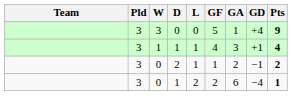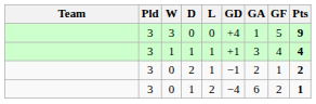 <table class="wikitable" style="text-align: center;">
 <tr>
 <th width=175>Team</th>
 <th width=20 abbr="Played">Pld</th>
 <th width=20 abbr="Won">W</th>
 <th width=20 abbr="Drawn">D</th>
 <th width=20 abbr="Lost">L</th>
+<th width=20 abbr="Goal difference">GD</th>
+<th width=20 abbr="Goals against">GA</th>
 <th width=20 abbr="Goals for">GF</th>
-<th width=20 abbr="Goals against">GA</th>
-<th width=20 abbr="Goal difference">GD</th>
 <th width=20 abbr="Points">Pts</th>
 </tr>
 <tr bgcolor=#ccffcc>
 <td align=left></td>
 <td>3</td>
 <td>3</td>
 <td>0</td>
 <td>0</td>
+<td>+4</td>
+<td>1</td>
 <td>5</td>
-<td>1</td>
-<td>+4</td>
 <td><strong>9</strong></td>
 </tr>
 <tr bgcolor=#ccffcc>
 <td align=left></td>
 <td>3</td>
 <td>1</td>
 <td>1</td>
 <td>1</td>
+<td>+1</td>
+<td>3</td>
 <td>4</td>
-<td>3</td>
-<td>+1</td>
 <td><strong>4</strong></td>
 </tr>
 <tr>
 <td align=left></td>
 <td>3</td>
 <td>0</td>
 <td>2</td>
 <td>1</td>
+<td>−1</td>
+<td>2</td>
 <td>1</td>
-<td>2</td>
-<td>−1</td>
 <td><strong>2</strong></td>
 </tr>
 <tr>
 <td align=left></td>
 <td>3</td>
 <td>0</td>
 <td>1</td>
 <td>2</td>
+<td>−4</td>
+<td>6</td>
 <td>2</td>
-<td>6</td>
-<td>−4</td>
 <td><strong>1</strong></td>
 </tr>
 </table>
